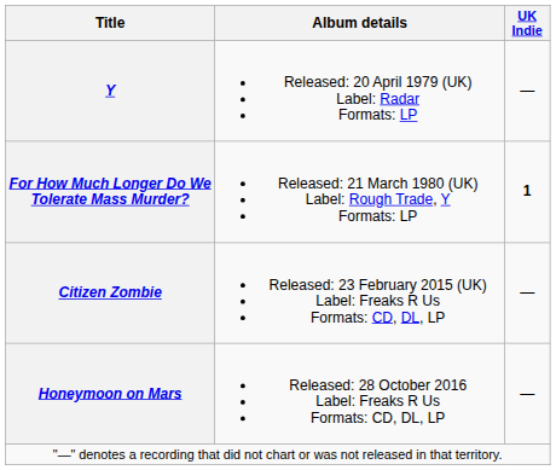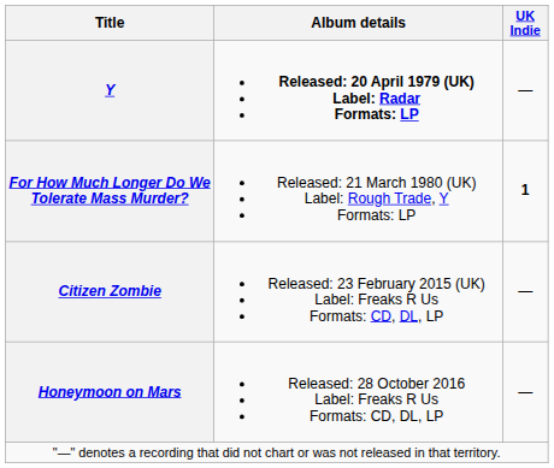 <table class="wikitable plainrowheaders" style="text-align:center;">
 <tr>
 <th scope="col" rowspan="1" style="width:14em;">Title</th>
 <th scope="col" rowspan="1" style="width:19.5em;">Album details</th>
 <th scope="col" rowspan="1" style="width:3em;font-size:90%;"><a href='#'>UK Indie</a><br></th>
 </tr>
 <tr>
 <th scope="row"><em><a href='#'>Y</a></em></th>
-<td><br><ul><li>Released: 20 April 1979 <span>(UK)</span></li><li>Label: <a href='#'>Radar</a></li><li>Formats: <a href='#'>LP</a></li></ul></td>
+<td><strong><br><ul><li>Released: 20 April 1979 <span>(UK)</span></li><li>Label: <a href='#'>Radar</a></li><li>Formats: <a href='#'>LP</a></li></ul></strong></td>
 <td>—</td>
 </tr>
 <tr>
 <th scope="row"><em><a href='#'>For How Much Longer Do We Tolerate Mass Murder?</a></em></th>
 <td><br><ul><li>Released: 21 March 1980 <span>(UK)</span></li><li>Label: <a href='#'>Rough Trade</a>, <a href='#'>Y</a></li><li>Formats: LP</li></ul></td>
 <td><strong>1</strong></td>
 </tr>
 <tr>
 <th scope="row"><em><a href='#'>Citizen Zombie</a></em></th>
 <td><br><ul><li>Released: 23 February 2015 <span> (UK)</span></li><li>Label: Freaks R Us</li><li>Formats: <a href='#'>CD</a>, <a href='#'>DL</a>, LP</li></ul></td>
 <td>—</td>
 </tr>
 <tr>
 <th scope="row"><em><a href='#'>Honeymoon on Mars</a></em></th>
 <td><br><ul><li>Released: 28 October 2016</li><li>Label: Freaks R Us</li><li>Formats: CD, DL, LP</li></ul></td>
 <td>—</td>
 </tr>
 <tr>
 <td colspan="6" style="font-size:90%">"—" denotes a recording that did not chart or was not released in that territory.</td>
 </tr>
 </table>
